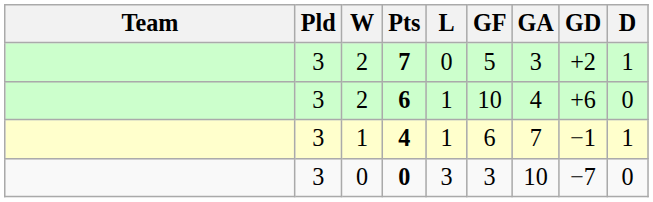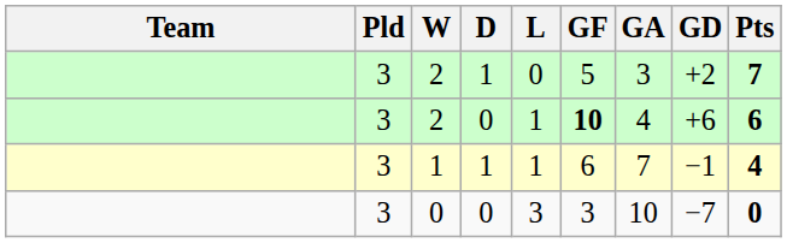 <table class="wikitable" style="text-align: center;">
 <tr align=center>
 <th width="185">Team</th>
 <th width="20">Pld</th>
 <th width="20">W</th>
-<th width="20">Pts</th>
+<th width="20">D</th>
 <th width="20">L</th>
 <th width="20">GF</th>
 <th width="20">GA</th>
 <th width="20">GD</th>
-<th width="20">D</th>
+<th width="20">Pts</th>
 </tr>
 <tr style="background: #ccffcc;">
 <td align=left></td>
 <td>3</td>
 <td>2</td>
-<td><strong>7</strong></td>
+<td>1</td>
 <td>0</td>
 <td>5</td>
 <td>3</td>
 <td>+2</td>
-<td>1</td>
+<td><strong>7</strong></td>
 </tr>
 <tr style="background: #ccffcc;">
 <td align=left></td>
 <td>3</td>
 <td>2</td>
-<td><strong>6</strong></td>
+<td>0</td>
 <td>1</td>
-<td>10</td>
+<td><strong>10</strong></td>
 <td>4</td>
 <td>+6</td>
-<td>0</td>
+<td><strong>6</strong></td>
 </tr>
 <tr style="background:#ffffcc;">
 <td align=left></td>
 <td>3</td>
 <td>1</td>
-<td><strong>4</strong></td>
+<td>1</td>
 <td>1</td>
 <td>6</td>
 <td>7</td>
 <td>−1</td>
-<td>1</td>
+<td><strong>4</strong></td>
 </tr>
 <tr>
 <td align=left></td>
 <td>3</td>
 <td>0</td>
-<td><strong>0</strong></td>
+<td>0</td>
 <td>3</td>
 <td>3</td>
 <td>10</td>
 <td>−7</td>
-<td>0</td>
+<td><strong>0</strong></td>
 </tr>
 </table>
